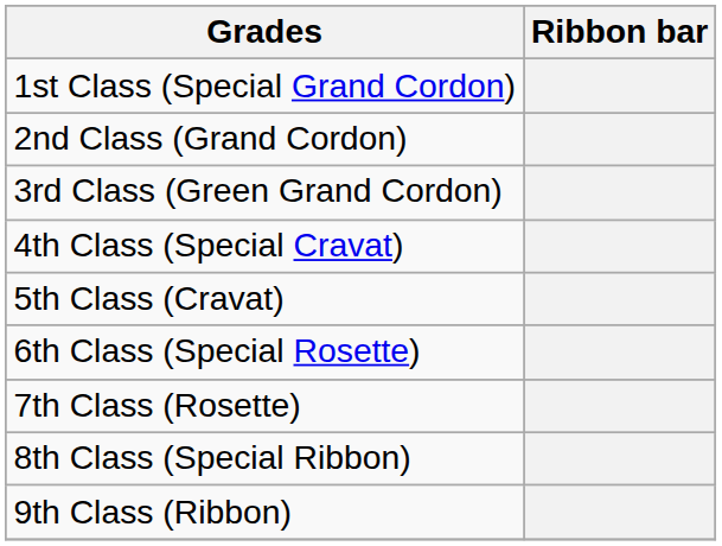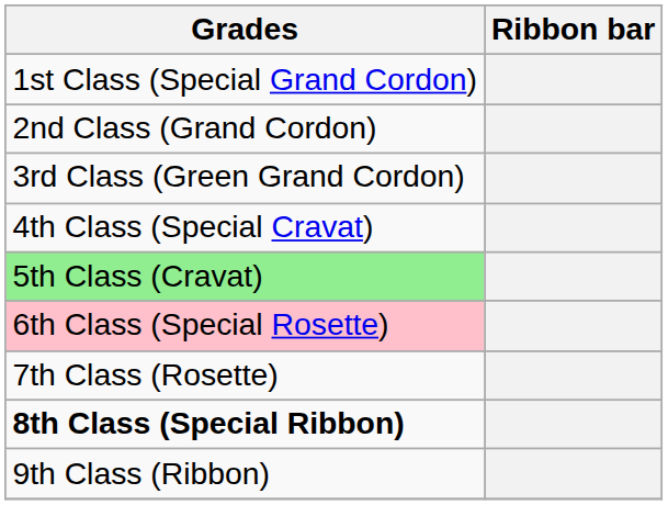 <table class="wikitable">
 <tr>
 <th>Grades</th>
 <th>Ribbon bar</th>
 </tr>
 <tr>
 <td>1st Class (Special <a href='#'>Grand Cordon</a>)</td>
 <th></th>
 </tr>
 <tr>
 <td>2nd Class (Grand Cordon)</td>
 <th></th>
 </tr>
 <tr>
 <td>3rd Class (Green Grand Cordon)</td>
 <th></th>
 </tr>
 <tr>
 <td>4th Class (Special <a href='#'>Cravat</a>)</td>
 <th></th>
 </tr>
 <tr>
-<td>5th Class (Cravat)</td>
+<td style="background: lightgreen;">5th Class (Cravat)</td>
 <th></th>
 </tr>
 <tr>
-<td>6th Class (Special <a href='#'>Rosette</a>)</td>
+<td style="background: pink;">6th Class (Special <a href='#'>Rosette</a>)</td>
 <th></th>
 </tr>
 <tr>
 <td>7th Class (Rosette)</td>
 <th></th>
 </tr>
 <tr>
-<td>8th Class (Special Ribbon)</td>
+<td><strong>8th Class (Special Ribbon)</strong></td>
 <th></th>
 </tr>
 <tr>
 <td>9th Class (Ribbon)</td>
 <th></th>
 </tr>
 <tr>
 </tr>
 </table>
